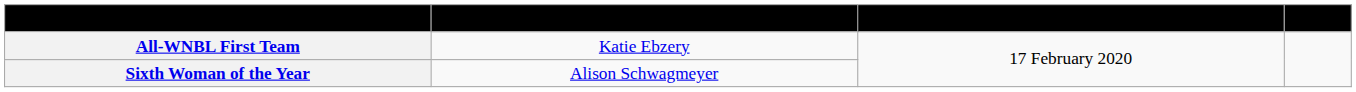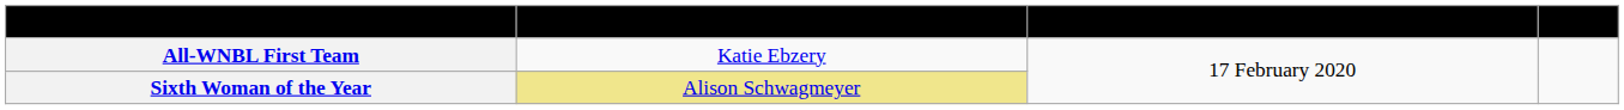 <table class="wikitable sortable sortable" style="text-align: center">
 <tr>
 <th style="background:black" width="10%"><span>Award</span></th>
 <th style="background:black" width="10%"><span>Recipient</span></th>
 <th style="background:black" width="10%"><span>Date</span></th>
 <th style="background:black" width="1%" class="unsortable"><span>Ref.</span></th>
 </tr>
 <tr>
 <th rowspan=1><a href='#'>All-WNBL First Team</a></th>
 <td><a href='#'>Katie Ebzery</a></td>
 <td rowspan=2>17 February 2020</td>
 <td rowspan=2></td>
 </tr>
 <tr>
 <th rowspan=1><a href='#'>Sixth Woman of the Year</a></th>
-<td><a href='#'>Alison Schwagmeyer</a></td>
+<td style="background: khaki;"><a href='#'>Alison Schwagmeyer</a></td>
 </tr>
 </table>
